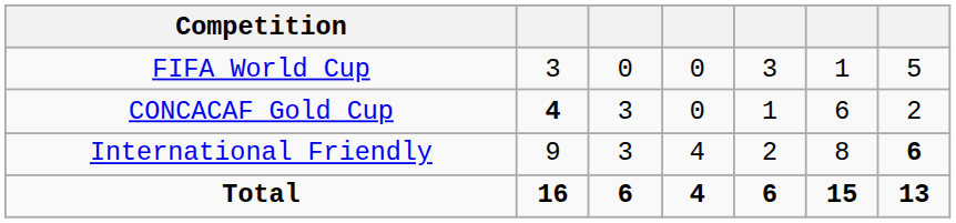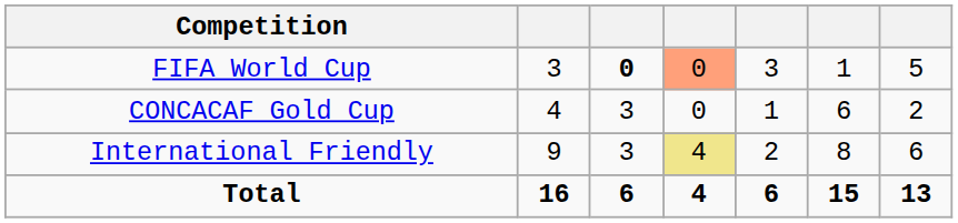 <table class="wikitable" style="text-align: center;">
 <tr>
 <th width=250>Competition</th>
 <th width=30></th>
 <th width=30></th>
 <th width=30></th>
 <th width=30></th>
 <th width=30></th>
 <th width=30></th>
 </tr>
 <tr>
 <td><a href='#'>FIFA World Cup</a></td>
 <td>3</td>
-<td>0</td>
-<td>0</td>
+<td><strong>0</strong></td>
+<td style="background: lightsalmon;">0</td>
 <td>3</td>
 <td>1</td>
 <td>5</td>
 </tr>
 <tr>
 <td><a href='#'>CONCACAF Gold Cup</a></td>
-<td><strong>4</strong></td>
+<td>4</td>
 <td>3</td>
 <td>0</td>
 <td>1</td>
 <td>6</td>
 <td>2</td>
 </tr>
 <tr>
 <td><a href='#'>International Friendly</a></td>
 <td>9</td>
 <td>3</td>
-<td>4</td>
+<td style="background: khaki;">4</td>
 <td>2</td>
 <td>8</td>
-<td><strong>6</strong></td>
+<td>6</td>
 </tr>
 <tr>
 <td><strong>Total</strong></td>
 <td><strong>16</strong></td>
 <td><strong>6</strong></td>
 <td><strong>4</strong></td>
 <td><strong>6</strong></td>
 <td><strong>15</strong></td>
 <td><strong>13</strong></td>
 </tr>
 </table>
